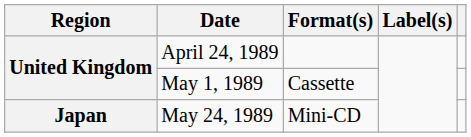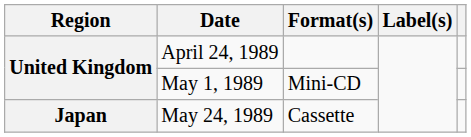 <table class="wikitable plainrowheaders">
 <tr>
 <th scope="col">Region</th>
 <th scope="col">Date</th>
 <th scope="col">Format(s)</th>
 <th scope="col">Label(s)</th>
 <th scope="col"></th>
 </tr>
 <tr>
 <th scope="row" rowspan="2">United Kingdom</th>
 <td>April 24, 1989</td>
 <td></td>
 <td rowspan="3"></td>
 <td></td>
 </tr>
 <tr>
 <td>May 1, 1989</td>
-<td>Cassette</td>
+<td>Mini-CD</td>
 <td></td>
 </tr>
 <tr>
 <th scope="row">Japan</th>
 <td>May 24, 1989</td>
-<td>Mini-CD</td>
+<td>Cassette</td>
 <td></td>
 </tr>
 </table>
